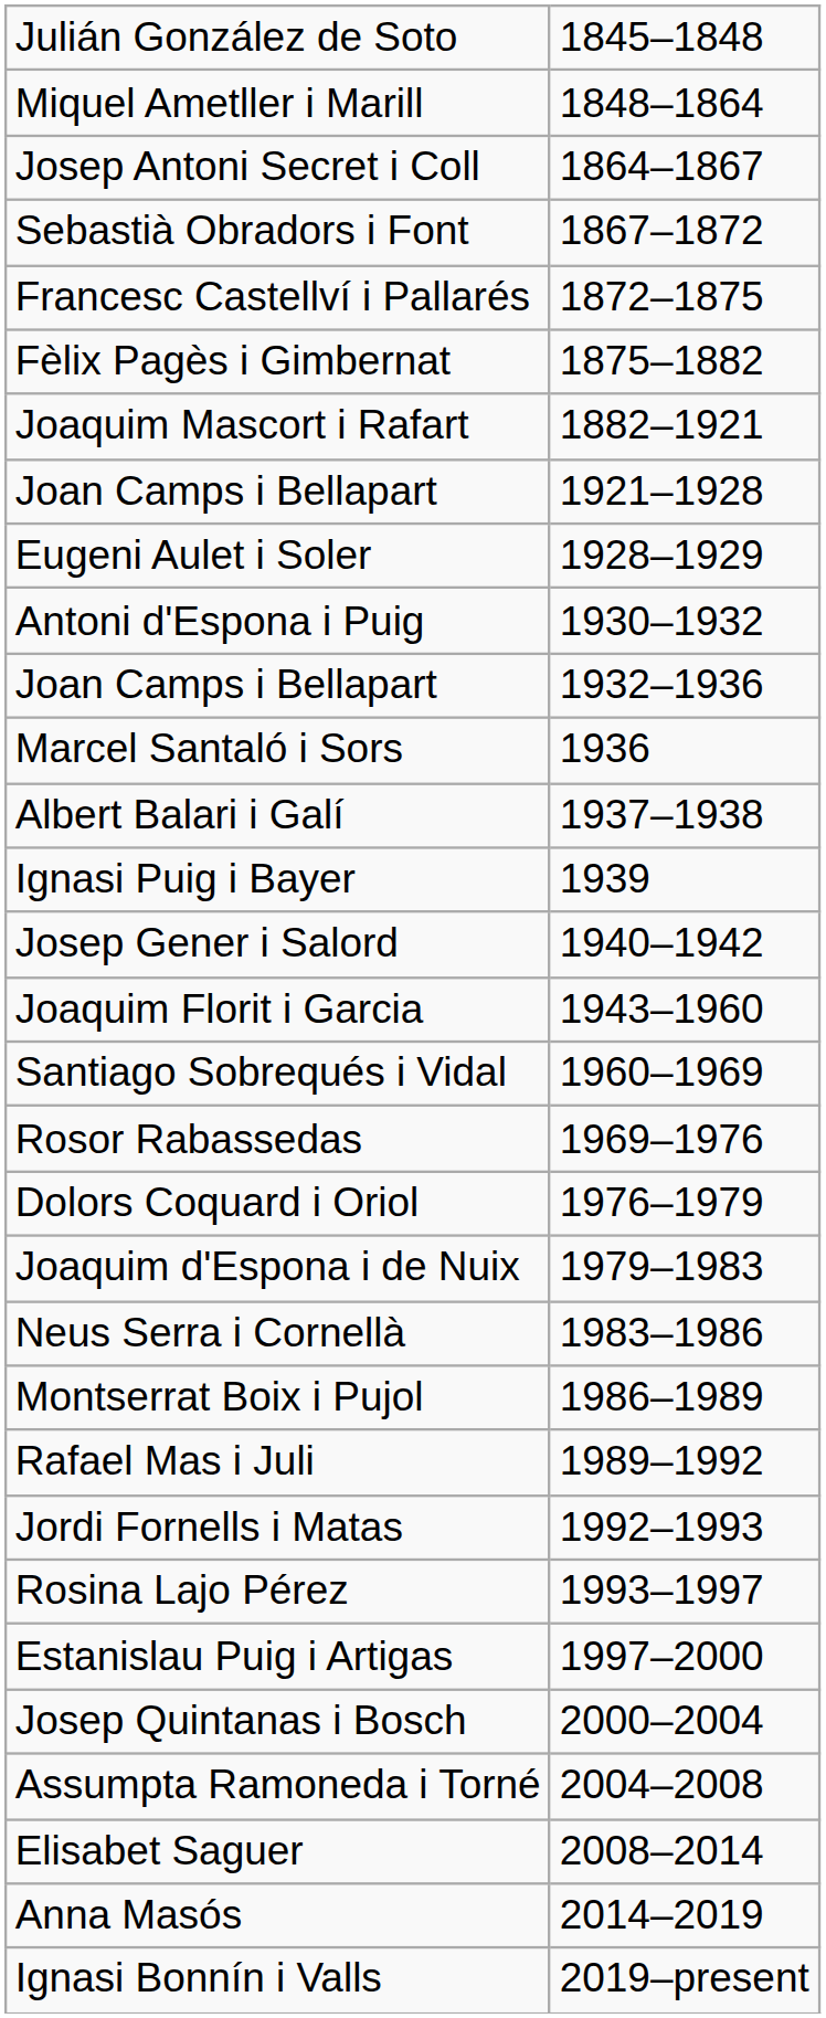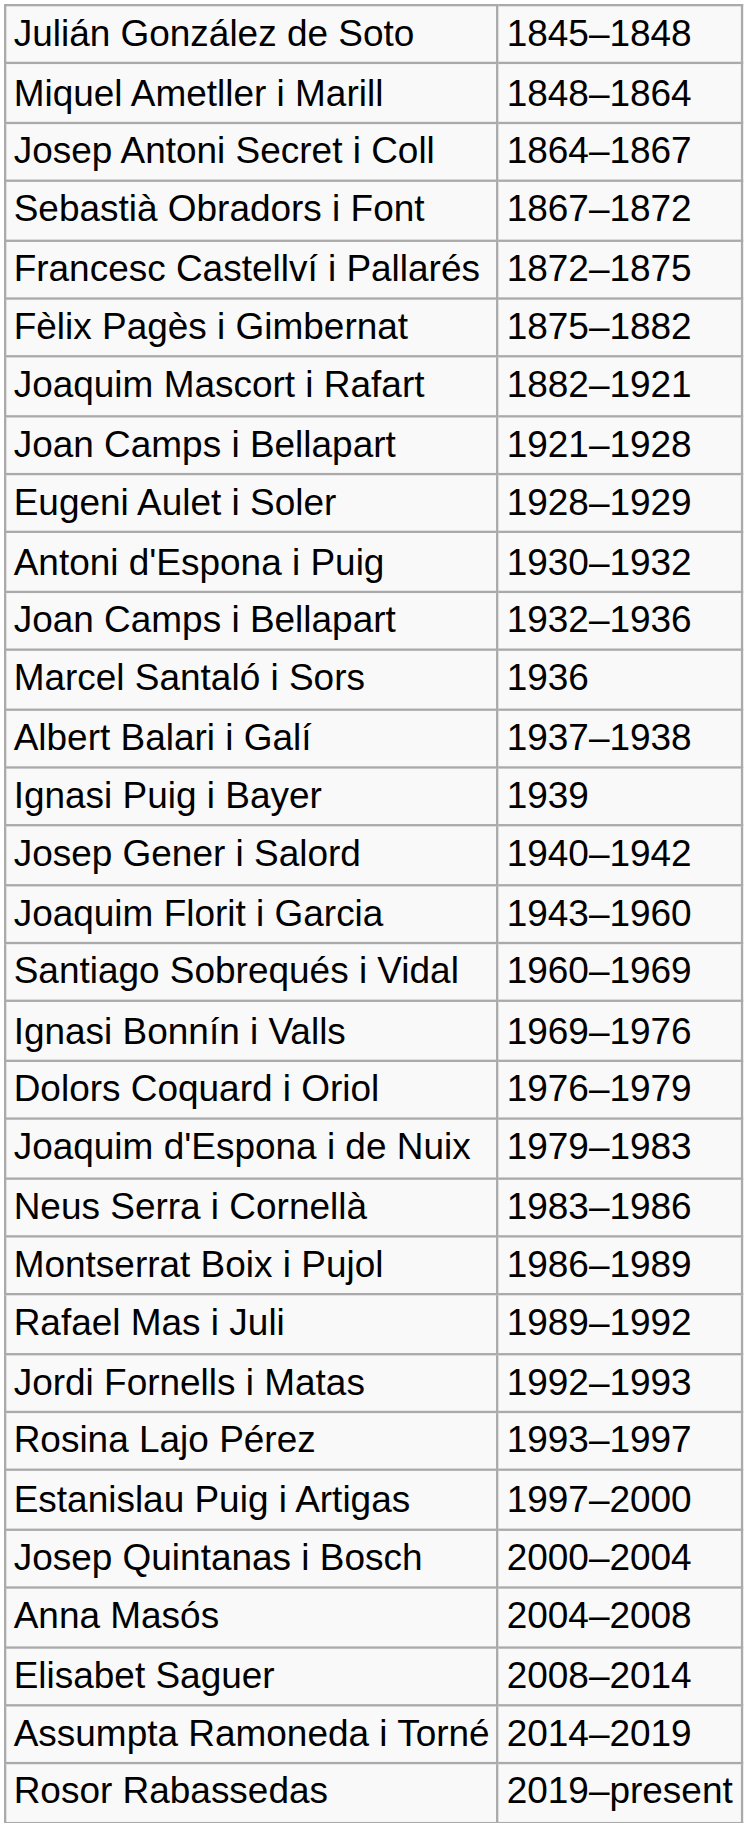 <table class="wikitable">
 <tr>
 <td>Julián González de Soto</td>
 <td>1845–1848</td>
 </tr>
 <tr>
 <td>Miquel Ametller i Marill</td>
 <td>1848–1864</td>
 </tr>
 <tr>
 <td>Josep Antoni Secret i Coll</td>
 <td>1864–1867</td>
 </tr>
 <tr>
 <td>Sebastià Obradors i Font</td>
 <td>1867–1872</td>
 </tr>
 <tr>
 <td>Francesc Castellví i Pallarés</td>
 <td>1872–1875</td>
 </tr>
 <tr>
 <td>Fèlix Pagès i Gimbernat</td>
 <td>1875–1882</td>
 </tr>
 <tr>
 <td>Joaquim Mascort i Rafart</td>
 <td>1882–1921</td>
 </tr>
 <tr>
 <td>Joan Camps i Bellapart</td>
 <td>1921–1928</td>
 </tr>
 <tr>
 <td>Eugeni Aulet i Soler</td>
 <td>1928–1929</td>
 </tr>
 <tr>
 <td>Antoni d'Espona i Puig</td>
 <td>1930–1932</td>
 </tr>
 <tr>
 <td>Joan Camps i Bellapart</td>
 <td>1932–1936</td>
 </tr>
 <tr>
 <td>Marcel Santaló i Sors</td>
 <td>1936</td>
 </tr>
 <tr>
 <td>Albert Balari i Galí</td>
 <td>1937–1938</td>
 </tr>
 <tr>
 <td>Ignasi Puig i Bayer</td>
 <td>1939</td>
 </tr>
 <tr>
 <td>Josep Gener i Salord</td>
 <td>1940–1942</td>
 </tr>
 <tr>
 <td>Joaquim Florit i Garcia</td>
 <td>1943–1960</td>
 </tr>
 <tr>
 <td>Santiago Sobrequés i Vidal</td>
 <td>1960–1969</td>
 </tr>
 <tr>
-<td>Rosor Rabassedas</td>
+<td>Ignasi Bonnín i Valls</td>
 <td>1969–1976</td>
 </tr>
 <tr>
 <td>Dolors Coquard i Oriol</td>
 <td>1976–1979</td>
 </tr>
 <tr>
 <td>Joaquim d'Espona i de Nuix</td>
 <td>1979–1983</td>
 </tr>
 <tr>
 <td>Neus Serra i Cornellà</td>
 <td>1983–1986</td>
 </tr>
 <tr>
 <td>Montserrat Boix i Pujol</td>
 <td>1986–1989</td>
 </tr>
 <tr>
 <td>Rafael Mas i Juli</td>
 <td>1989–1992</td>
 </tr>
 <tr>
 <td>Jordi Fornells i Matas</td>
 <td>1992–1993</td>
 </tr>
 <tr>
 <td>Rosina Lajo Pérez</td>
 <td>1993–1997</td>
 </tr>
 <tr>
 <td>Estanislau Puig i Artigas</td>
 <td>1997–2000</td>
 </tr>
 <tr>
 <td>Josep Quintanas i Bosch</td>
 <td>2000–2004</td>
 </tr>
 <tr>
-<td>Assumpta Ramoneda i Torné</td>
+<td>Anna Masós</td>
 <td>2004–2008</td>
 </tr>
 <tr>
 <td>Elisabet Saguer</td>
 <td>2008–2014</td>
 </tr>
 <tr>
-<td>Anna Masós</td>
+<td>Assumpta Ramoneda i Torné</td>
 <td>2014–2019</td>
 </tr>
 <tr>
-<td>Ignasi Bonnín i Valls</td>
+<td>Rosor Rabassedas</td>
 <td>2019–present</td>
 </tr>
 <tr>
 </tr>
 </table>
